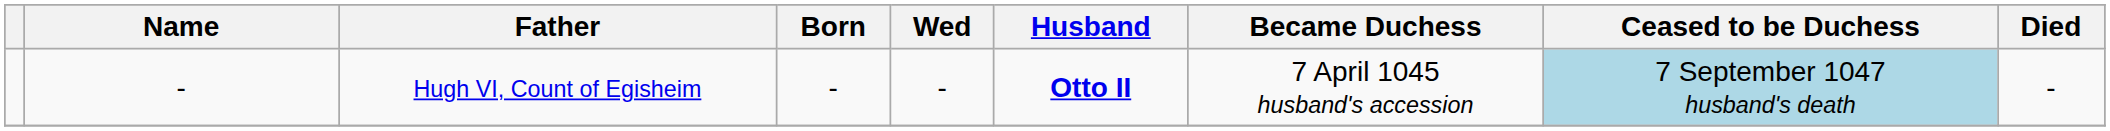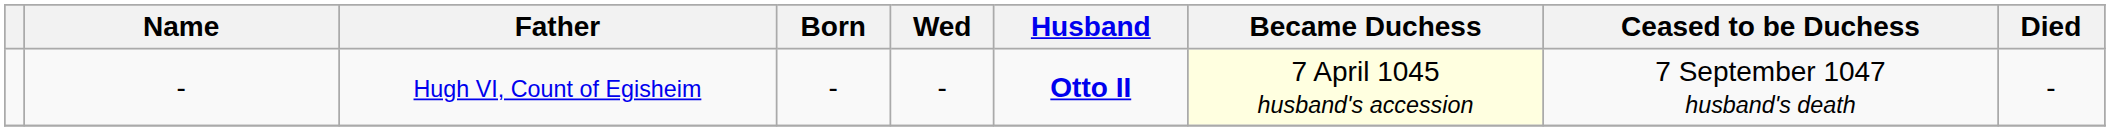 <table width=95% class="wikitable" style="text-align:center">
 <tr>
 <th></th>
 <th width="15%">Name</th>
 <th>Father</th>
 <th>Born</th>
 <th>Wed</th>
 <th><a href='#'>Husband</a></th>
 <th>Became Duchess</th>
 <th>Ceased to be Duchess</th>
 <th>Died</th>
 </tr>
 <tr>
 <td></td>
 <td>-</td>
 <td><small><a href='#'>Hugh VI, Count of Egisheim</a></small></td>
 <td>-</td>
 <td>-</td>
 <td><strong><a href='#'>Otto II</a></strong></td>
-<td align="center">7 April 1045<br><small><em>husband's accession</em></small></td>
-<td style="background: lightblue;">7 September 1047<br><small><em>husband's death</em></small></td>
+<td align="center" style="background: lightyellow;">7 April 1045<br><small><em>husband's accession</em></small></td>
+<td>7 September 1047<br><small><em>husband's death</em></small></td>
 <td>-</td>
 </tr>
 <tr>
 </tr>
 </table>
